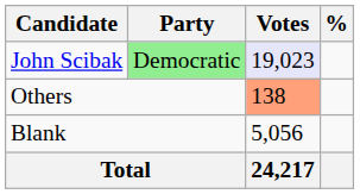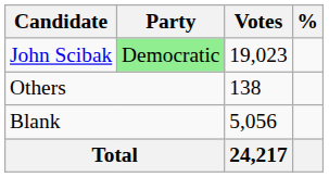 <table class="wikitable">
 <tr>
 <th>Candidate</th>
 <th>Party</th>
 <th>Votes</th>
 <th>%</th>
 </tr>
 <tr>
 <td><a href='#'>John Scibak</a></td>
 <td style="background: lightgreen;">Democratic</td>
-<td style="background: lavender;">19,023</td>
+<td>19,023</td>
 <td></td>
 </tr>
 <tr>
 <td colspan = 2>Others</td>
-<td style="background: lightsalmon;">138</td>
+<td>138</td>
 <td></td>
 </tr>
 <tr>
 <td colspan = 2>Blank</td>
 <td>5,056</td>
 <td></td>
 </tr>
 <tr>
 <th colspan = 2>Total</th>
 <th>24,217</th>
 <th></th>
 </tr>
 </table>
